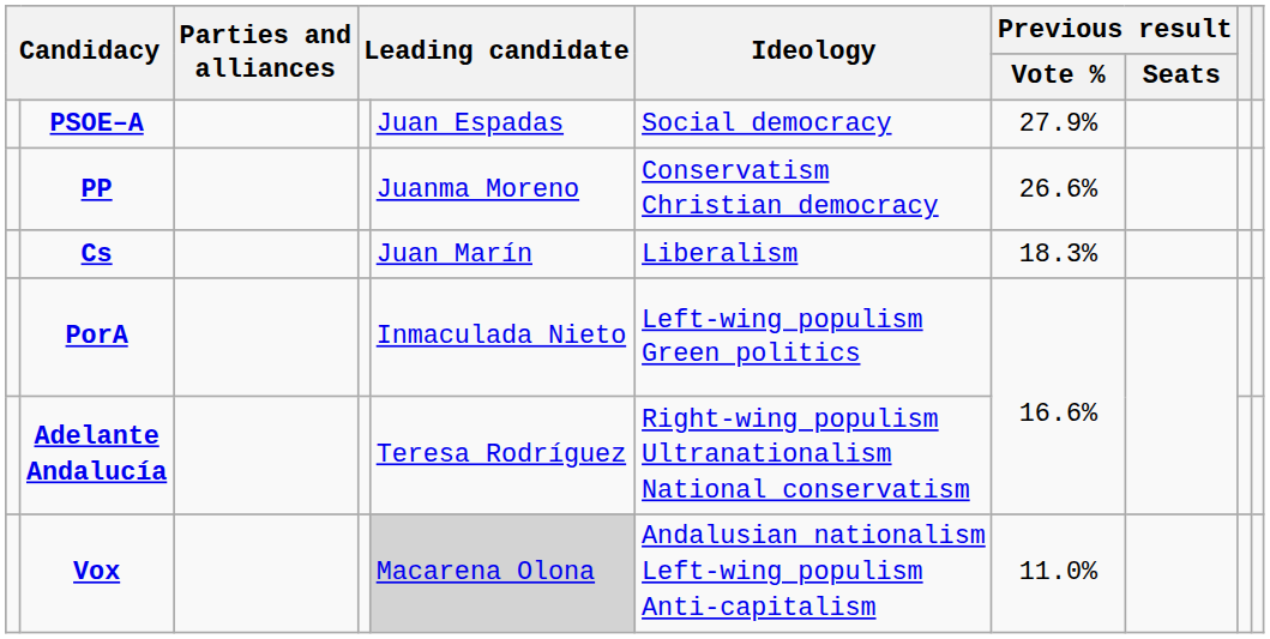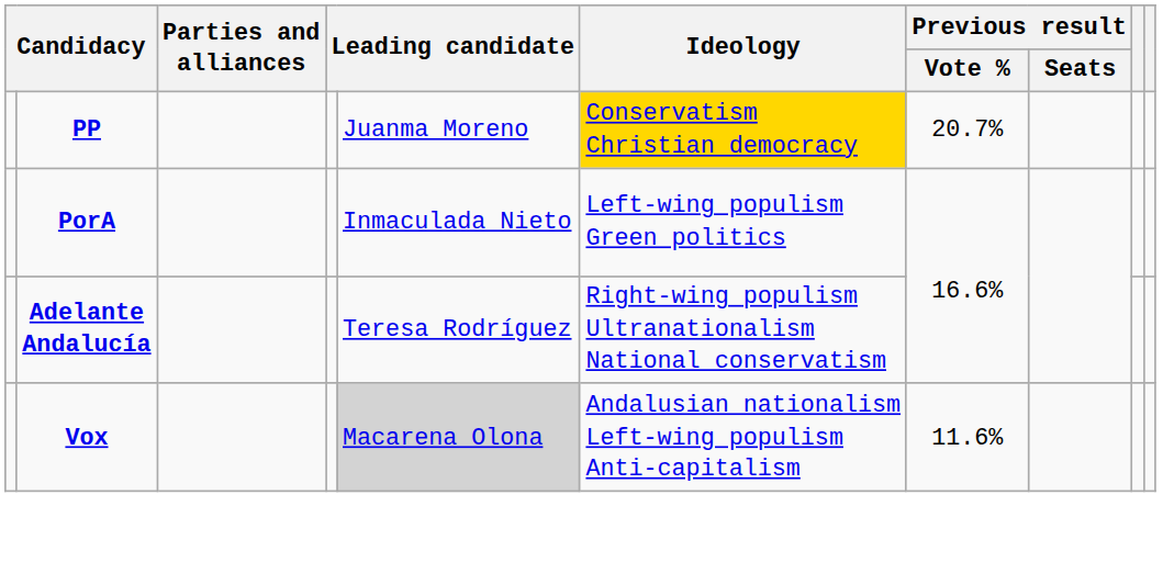 <table class="wikitable" style="line-height:1.35em; text-align:left;">
 <tr>
 <th colspan="2" rowspan="2">Candidacy</th>
 <th rowspan="2">Parties and<br>alliances</th>
 <th colspan="2" rowspan="2">Leading candidate</th>
 <th rowspan="2">Ideology</th>
 <th colspan="2">Previous result</th>
 <th rowspan="2"></th>
 <th rowspan="2"></th>
 </tr>
 <tr>
 <th>Vote %</th>
 <th>Seats</th>
 </tr>
 <tr>
-<td width="1" style="color:inherit;background:"></td>
-<td align="center"><strong><a href='#'>PSOE–A</a></strong></td>
-<td></td>
-<td></td>
-<td><a href='#'>Juan Espadas</a></td>
-<td><a href='#'>Social democracy</a></td>
-<td align="center">27.9%</td>
-<td></td>
-<td></td>
-<td></td>
-</tr>
-<tr>
 <td style="color:inherit;background:"></td>
 <td align="center"><strong><a href='#'>PP</a></strong></td>
 <td></td>
 <td></td>
 <td><a href='#'>Juanma Moreno</a></td>
-<td><a href='#'>Conservatism</a><br><a href='#'>Christian democracy</a></td>
-<td align="center">26.6%</td>
+<td style="background: gold;"><a href='#'>Conservatism</a><br><a href='#'>Christian democracy</a></td>
+<td align="center">20.7%</td>
 <td></td>
 <td></td>
 <td><br></td>
-</tr>
-<tr>
-<td style="color:inherit;background:"></td>
-<td align="center"><strong><a href='#'>Cs</a></strong></td>
-<td></td>
-<td></td>
-<td><a href='#'>Juan Marín</a></td>
-<td><a href='#'>Liberalism</a></td>
-<td align="center">18.3%</td>
-<td></td>
-<td></td>
-<td></td>
 </tr>
 <tr>
 <td style="color:inherit;background:"></td>
 <td align="center"><strong><a href='#'>PorA</a></strong></td>
 <td></td>
 <td></td>
 <td><a href='#'>Inmaculada Nieto</a></td>
 <td><a href='#'>Left-wing populism</a><br><a href='#'>Green politics</a></td>
 <td rowspan="2" align="center"><br>16.6%<br></td>
 <td rowspan="2"></td>
 <td></td>
 <td><br><br><br></td>
 </tr>
 <tr>
 <td style="color:inherit;background:"></td>
 <td align="center"><strong><a href='#'>Adelante<br>Andalucía</a></strong></td>
 <td></td>
 <td></td>
 <td><a href='#'>Teresa Rodríguez</a></td>
 <td><a href='#'>Right-wing populism</a><br><a href='#'>Ultranationalism</a><br><a href='#'>National conservatism</a></td>
 <td></td>
 <td><br><br></td>
 </tr>
 <tr>
 <td style="color:inherit;background:"></td>
 <td align="center"><strong><a href='#'>Vox</a></strong></td>
 <td></td>
 <td></td>
 <td style="background: lightgrey;"><a href='#'>Macarena Olona</a></td>
 <td><a href='#'>Andalusian nationalism</a><br><a href='#'>Left-wing populism</a><br><a href='#'>Anti-capitalism</a></td>
-<td align="center">11.0%</td>
+<td align="center">11.6%</td>
 <td></td>
 <td></td>
 <td><br><br></td>
 </tr>
 </table>
